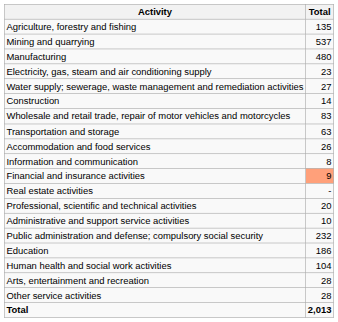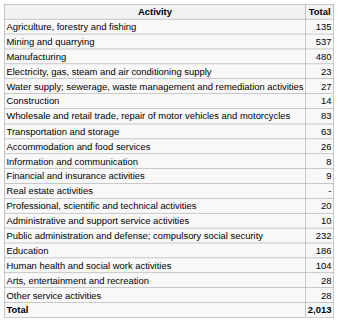 <table class="wikitable sortable" style="font-size:95%;">
 <tr>
 <th>Activity</th>
 <th>Total</th>
 </tr>
 <tr>
 <td>Agriculture, forestry and fishing</td>
 <td align="right">135</td>
 </tr>
 <tr>
 <td>Mining and quarrying</td>
 <td align="right">537</td>
 </tr>
 <tr>
 <td>Manufacturing</td>
 <td align="right">480</td>
 </tr>
 <tr>
 <td>Electricity, gas, steam and air conditioning supply</td>
 <td align="right">23</td>
 </tr>
 <tr>
 <td>Water supply; sewerage, waste management and remediation activities</td>
 <td align="right">27</td>
 </tr>
 <tr>
 <td>Construction</td>
 <td align="right">14</td>
 </tr>
 <tr>
 <td>Wholesale and retail trade, repair of motor vehicles and motorcycles</td>
 <td align="right">83</td>
 </tr>
 <tr>
 <td>Transportation and storage</td>
 <td align="right">63</td>
 </tr>
 <tr>
 <td>Accommodation and food services</td>
 <td align="right">26</td>
 </tr>
 <tr>
 <td>Information and communication</td>
 <td align="right">8</td>
 </tr>
 <tr>
 <td>Financial and insurance activities</td>
-<td align="right" style="background: lightsalmon;">9</td>
+<td align="right">9</td>
 </tr>
 <tr>
 <td>Real estate activities</td>
 <td align="right">-</td>
 </tr>
 <tr>
 <td>Professional, scientific and technical activities</td>
 <td align="right">20</td>
 </tr>
 <tr>
 <td>Administrative and support service activities</td>
 <td align="right">10</td>
 </tr>
 <tr>
 <td>Public administration and defense; compulsory social security</td>
 <td align="right">232</td>
 </tr>
 <tr>
 <td>Education</td>
 <td align="right">186</td>
 </tr>
 <tr>
 <td>Human health and social work activities</td>
 <td align="right">104</td>
 </tr>
 <tr>
 <td>Arts, entertainment and recreation</td>
 <td align="right">28</td>
 </tr>
 <tr>
 <td>Other service activities</td>
 <td align="right">28</td>
 </tr>
 <tr class="sortbottom">
 <td><strong>Total</strong></td>
 <td align="right"><strong>2,013</strong></td>
 </tr>
 </table>
